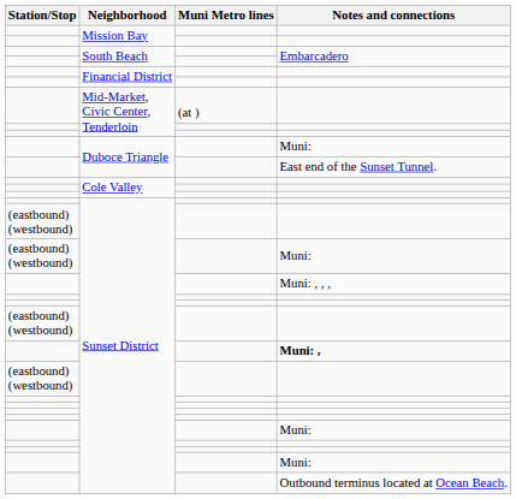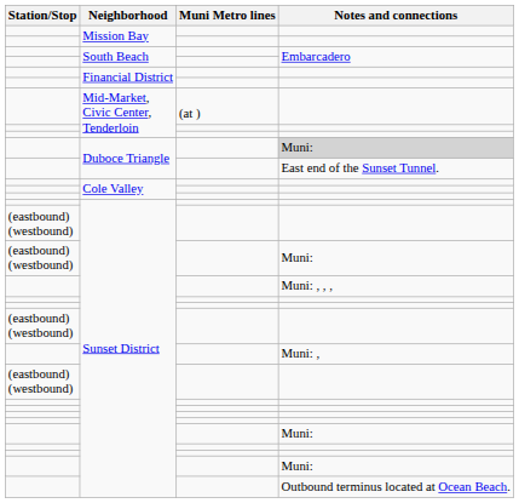 <table class="wikitable">
 <tr>
 <th>Station/Stop</th>
 <th>Neighborhood</th>
 <th>Muni Metro lines</th>
 <th>Notes and connections</th>
 </tr>
 <tr>
 <td> </td>
 <td rowspan="2"><a href='#'>Mission Bay</a></td>
 <td></td>
 <td></td>
 </tr>
 <tr>
 <td> </td>
 <td></td>
 <td></td>
 </tr>
 <tr>
 <td> </td>
 <td rowspan="2"><a href='#'>South Beach</a></td>
 <td></td>
 <td rowspan="2">  <a href='#'>Embarcadero</a></td>
 </tr>
 <tr>
 <td> </td>
 <td></td>
 </tr>
 <tr>
 <td> </td>
 <td rowspan="2"><a href='#'>Financial District</a></td>
 <td>    </td>
 <td></td>
 </tr>
 <tr>
 <td> </td>
 <td>     </td>
 <td></td>
 </tr>
 <tr>
 <td> </td>
 <td rowspan="3"><a href='#'>Mid-Market</a>,<br><a href='#'>Civic Center</a>,<br><a href='#'>Tenderloin</a></td>
 <td>    <br> (at )</td>
 <td></td>
 </tr>
 <tr>
 <td> </td>
 <td>    </td>
 <td></td>
 </tr>
 <tr>
 <td> </td>
 <td>    </td>
 <td></td>
 </tr>
 <tr>
 <td> </td>
 <td rowspan="2"><a href='#'>Duboce Triangle</a></td>
 <td></td>
-<td> Muni: </td>
+<td style="background: lightgrey;"> Muni: </td>
 </tr>
 <tr>
 <td> </td>
 <td></td>
 <td>East end of the <a href='#'>Sunset Tunnel</a>.</td>
 </tr>
 <tr>
 <td> </td>
 <td rowspan="3"><a href='#'>Cole Valley</a></td>
 <td></td>
 <td></td>
 </tr>
 <tr>
 <td></td>
 <td></td>
 <td></td>
 </tr>
 <tr>
 <td></td>
 <td></td>
 <td></td>
 </tr>
 <tr>
 <td> </td>
 <td rowspan="18"><a href='#'>Sunset District</a></td>
 <td></td>
 <td></td>
 </tr>
 <tr>
 <td>  (eastbound)<br>  (westbound)</td>
 <td></td>
 <td></td>
 </tr>
 <tr>
 <td> (eastbound)<br> (westbound)</td>
 <td></td>
 <td> Muni: </td>
 </tr>
 <tr>
 <td> </td>
 <td></td>
 <td> Muni: , , , </td>
 </tr>
 <tr>
 <td></td>
 <td></td>
 <td></td>
 </tr>
 <tr>
 <td></td>
 <td></td>
 <td></td>
 </tr>
 <tr>
 <td> (eastbound)<br> (westbound)</td>
 <td></td>
 <td></td>
 </tr>
 <tr>
 <td> </td>
 <td></td>
-<td><strong> Muni: , </strong></td>
+<td> Muni: , </td>
 </tr>
 <tr>
 <td> (eastbound)<br> (westbound)</td>
 <td></td>
 <td></td>
 </tr>
 <tr>
 <td></td>
 <td></td>
 <td></td>
 </tr>
 <tr>
 <td> </td>
 <td></td>
 <td></td>
 </tr>
 <tr>
 <td></td>
 <td></td>
 <td></td>
 </tr>
 <tr>
 <td></td>
 <td></td>
 <td></td>
 </tr>
 <tr>
 <td> </td>
 <td></td>
 <td> Muni: </td>
 </tr>
 <tr>
 <td></td>
 <td></td>
 <td></td>
 </tr>
 <tr>
 <td></td>
 <td></td>
 <td></td>
 </tr>
 <tr>
 <td></td>
 <td></td>
 <td> Muni: </td>
 </tr>
 <tr>
 <td> </td>
 <td></td>
 <td>Outbound terminus located at <a href='#'>Ocean Beach</a>.</td>
 </tr>
 </table>
